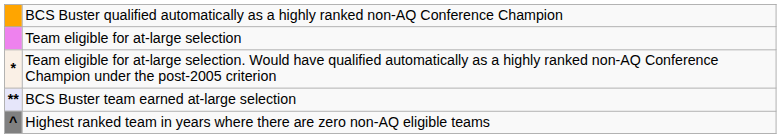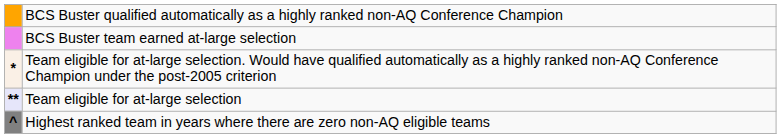 <table class="wikitable plainrowheaders">
 <tr>
 <th scope="row" style="text-align:center; background-color:orange"></th>
 <td>BCS Buster qualified automatically as a highly ranked non-AQ Conference Champion</td>
 </tr>
 <tr>
 <th scope="row" style="text-align:center; background-color:violet"></th>
-<td>Team eligible for at-large selection</td>
+<td>BCS Buster team earned at-large selection</td>
 </tr>
 <tr>
 <th scope="row" style="text-align:center; background-color:linen">*</th>
 <td>Team eligible for at-large selection. Would have qualified automatically as a highly ranked non-AQ Conference Champion under the post-2005 criterion</td>
 </tr>
 <tr>
 <th scope="row" style="text-align:center; background-color:lavender">**</th>
-<td>BCS Buster team earned at-large selection</td>
+<td>Team eligible for at-large selection</td>
 </tr>
 <tr>
 <th scope="row" style="text-align:center; background-color:grey">^</th>
 <td>Highest ranked team in years where there are zero non-AQ eligible teams</td>
 </tr>
 </table>
